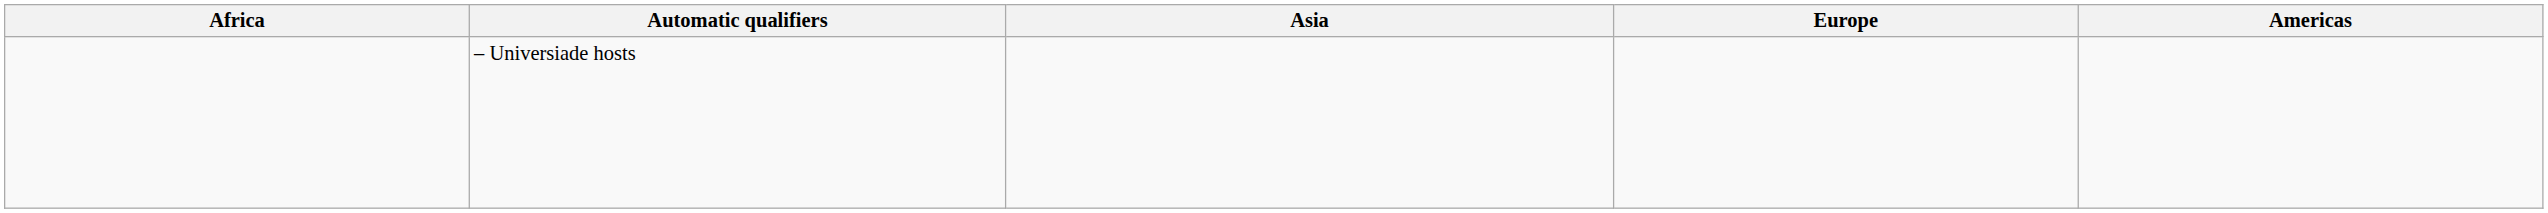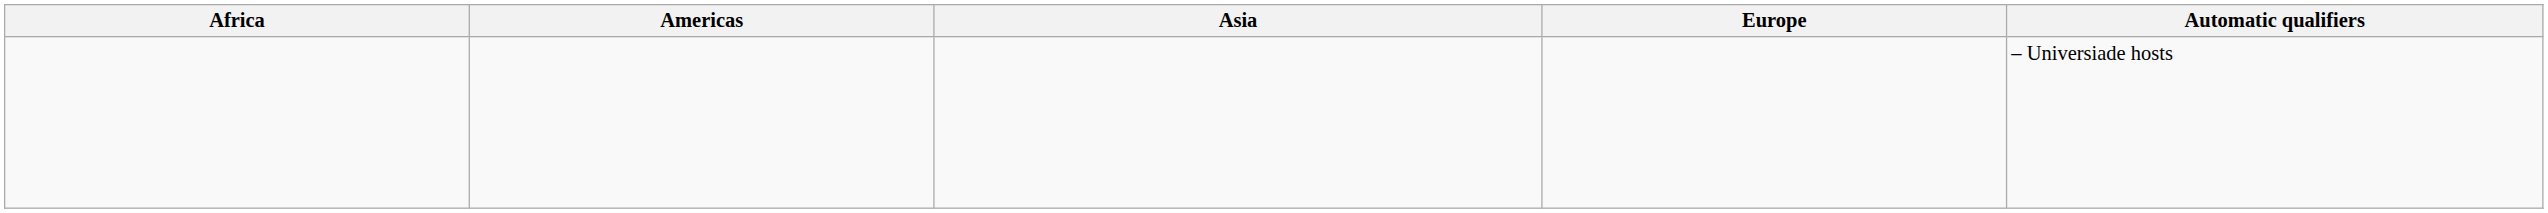 <table class=wikitable width=100%>
 <tr>
 <th width=13%>Africa</th>
-<th width=15%>Automatic qualifiers</th>
+<th width=13%>Americas</th>
 <th width=17%>Asia</th>
 <th width=13%>Europe</th>
-<th width=13%>Americas</th>
+<th width=15%>Automatic qualifiers</th>
 </tr>
 <tr valign=top>
 <td></td>
-<td>– Universiade hosts</td>
+<td><br></td>
 <td><br><s></s><br><br></td>
 <td><br> <br><br><br> <br><br><br></td>
-<td><br></td>
+<td>– Universiade hosts</td>
 </tr>
 </table>
